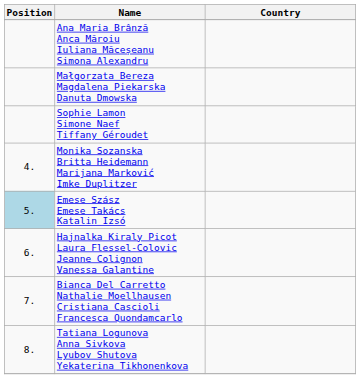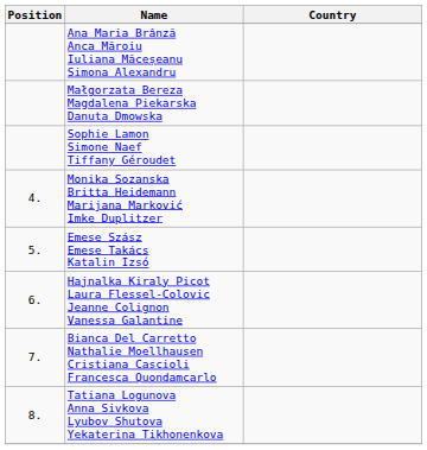 <table class="wikitable">
 <tr>
 <th width="20">Position</th>
 <th width="200">Name</th>
 <th width="200">Country</th>
 </tr>
 <tr>
 </tr>
 <tr>
 <td align="center"></td>
 <td><a href='#'>Ana Maria Brânză</a><br><a href='#'>Anca Măroiu</a><br><a href='#'>Iuliana Măceșeanu</a><br><a href='#'>Simona Alexandru</a></td>
 <td></td>
 </tr>
 <tr>
 <td align="center"></td>
 <td><a href='#'>Małgorzata Bereza</a><br><a href='#'>Magdalena Piekarska</a><br><a href='#'>Danuta Dmowska</a></td>
 <td></td>
 </tr>
 <tr>
 <td align="center"></td>
 <td><a href='#'>Sophie Lamon</a><br><a href='#'>Simone Naef</a><br><a href='#'>Tiffany Géroudet</a></td>
 <td></td>
 </tr>
 <tr>
 <td align="center">4.</td>
 <td><a href='#'>Monika Sozanska</a><br><a href='#'>Britta Heidemann</a><br><a href='#'>Marijana Marković</a><br><a href='#'>Imke Duplitzer</a></td>
 <td></td>
 </tr>
 <tr>
-<td align="center" style="background: lightblue;">5.</td>
+<td align="center">5.</td>
 <td><a href='#'>Emese Szász</a><br><a href='#'>Emese Takács</a><br><a href='#'>Katalin Izsó</a></td>
 <td></td>
 </tr>
 <tr>
 <td align="center">6.</td>
 <td><a href='#'>Hajnalka Kiraly Picot</a><br><a href='#'>Laura Flessel-Colovic</a><br><a href='#'>Jeanne Colignon</a><br><a href='#'>Vanessa Galantine</a></td>
 <td></td>
 </tr>
 <tr>
 <td align="center">7.</td>
 <td><a href='#'>Bianca Del Carretto</a><br><a href='#'>Nathalie Moellhausen</a><br><a href='#'>Cristiana Cascioli</a><br><a href='#'>Francesca Quondamcarlo</a></td>
 <td></td>
 </tr>
 <tr>
 <td align="center">8.</td>
 <td><a href='#'>Tatiana Logunova</a><br><a href='#'>Anna Sivkova</a><br><a href='#'>Lyubov Shutova</a><br><a href='#'>Yekaterina Tikhonenkova</a></td>
 <td></td>
 </tr>
 <tr>
 </tr>
 </table>
